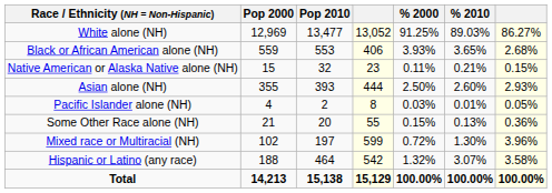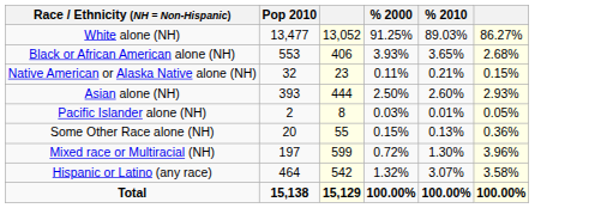 <table class="wikitable" style="text-align:center;">
 <tr>
 <th>Race / Ethnicity <small>(<em>NH = Non-Hispanic</em>)</small></th>
-<th>Pop 2000</th>
 <th>Pop 2010</th>
 <th></th>
 <th>% 2000</th>
 <th>% 2010</th>
 <th></th>
 </tr>
 <tr>
 <td><a href='#'>White</a> alone (NH)</td>
-<td>12,969</td>
 <td>13,477</td>
 <td style='background: #ffffe6;'>13,052</td>
 <td>91.25%</td>
 <td>89.03%</td>
 <td style='background: #ffffe6;'>86.27%</td>
 </tr>
 <tr>
 <td><a href='#'>Black or African American</a> alone (NH)</td>
-<td>559</td>
 <td>553</td>
 <td style='background: #ffffe6;'>406</td>
 <td>3.93%</td>
 <td>3.65%</td>
 <td style='background: #ffffe6;'>2.68%</td>
 </tr>
 <tr>
 <td><a href='#'>Native American</a> or <a href='#'>Alaska Native</a> alone (NH)</td>
-<td>15</td>
 <td>32</td>
 <td style='background: #ffffe6;'>23</td>
 <td>0.11%</td>
 <td>0.21%</td>
 <td style='background: #ffffe6;'>0.15%</td>
 </tr>
 <tr>
 <td><a href='#'>Asian</a> alone (NH)</td>
-<td>355</td>
 <td>393</td>
 <td style='background: #ffffe6;'>444</td>
 <td>2.50%</td>
 <td>2.60%</td>
 <td style='background: #ffffe6;'>2.93%</td>
 </tr>
 <tr>
 <td><a href='#'>Pacific Islander</a> alone (NH)</td>
-<td>4</td>
 <td>2</td>
 <td style='background: #ffffe6;'>8</td>
 <td>0.03%</td>
 <td>0.01%</td>
 <td style='background: #ffffe6;'>0.05%</td>
 </tr>
 <tr>
 <td>Some Other Race alone (NH)</td>
-<td>21</td>
 <td>20</td>
 <td style='background: #ffffe6;'>55</td>
 <td>0.15%</td>
 <td>0.13%</td>
 <td style='background: #ffffe6;'>0.36%</td>
 </tr>
 <tr>
 <td><a href='#'>Mixed race or Multiracial</a> (NH)</td>
-<td>102</td>
 <td>197</td>
 <td style='background: #ffffe6;'>599</td>
 <td>0.72%</td>
 <td>1.30%</td>
 <td style='background: #ffffe6;'>3.96%</td>
 </tr>
 <tr>
 <td><a href='#'>Hispanic or Latino</a> (any race)</td>
-<td>188</td>
 <td>464</td>
 <td style='background: #ffffe6;'>542</td>
 <td>1.32%</td>
 <td>3.07%</td>
 <td style='background: #ffffe6;'>3.58%</td>
 </tr>
 <tr>
 <td><strong>Total</strong></td>
-<td><strong>14,213</strong></td>
 <td><strong>15,138</strong></td>
 <td style='background: #ffffe6;'><strong>15,129</strong></td>
 <td><strong>100.00%</strong></td>
 <td><strong>100.00%</strong></td>
 <td style='background: #ffffe6;'><strong>100.00%</strong></td>
 </tr>
 </table>
